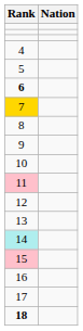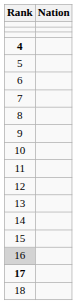 <table class="wikitable sortable" style="text-align:left">
 <tr>
 <th>Rank</th>
 <th>Nation</th>
 </tr>
 <tr>
 <td align="center"></td>
 <td></td>
 </tr>
 <tr>
 <td align="center"></td>
 <td></td>
 </tr>
 <tr>
 <td align="center"></td>
 <td></td>
 </tr>
 <tr>
-<td align="center">4</td>
+<td align="center"><strong>4</strong></td>
 <td></td>
 </tr>
 <tr>
 <td align="center">5</td>
 <td></td>
 </tr>
 <tr>
-<td align="center"><strong>6</strong></td>
+<td align="center">6</td>
 <td></td>
 </tr>
 <tr>
-<td align="center" style="background: gold;">7</td>
+<td align="center">7</td>
 <td></td>
 </tr>
 <tr>
 <td align="center">8</td>
 <td></td>
 </tr>
 <tr>
 <td align="center">9</td>
 <td></td>
 </tr>
 <tr>
 <td align="center">10</td>
 <td></td>
 </tr>
 <tr>
-<td align="center" style="background: pink;">11</td>
+<td align="center">11</td>
 <td></td>
 </tr>
 <tr>
 <td align="center">12</td>
 <td></td>
 </tr>
 <tr>
 <td align="center">13</td>
 <td></td>
 </tr>
 <tr>
-<td align="center" style="background: paleturquoise;">14</td>
+<td align="center">14</td>
 <td></td>
 </tr>
 <tr>
-<td align="center" style="background: pink;">15</td>
+<td align="center">15</td>
 <td></td>
 </tr>
 <tr>
-<td align="center">16</td>
+<td align="center" style="background: lightgrey;">16</td>
 <td></td>
 </tr>
 <tr>
-<td align="center">17</td>
+<td align="center"><strong>17</strong></td>
 <td></td>
 </tr>
 <tr>
-<td align="center"><strong>18</strong></td>
+<td align="center">18</td>
 <td></td>
 </tr>
 </table>
